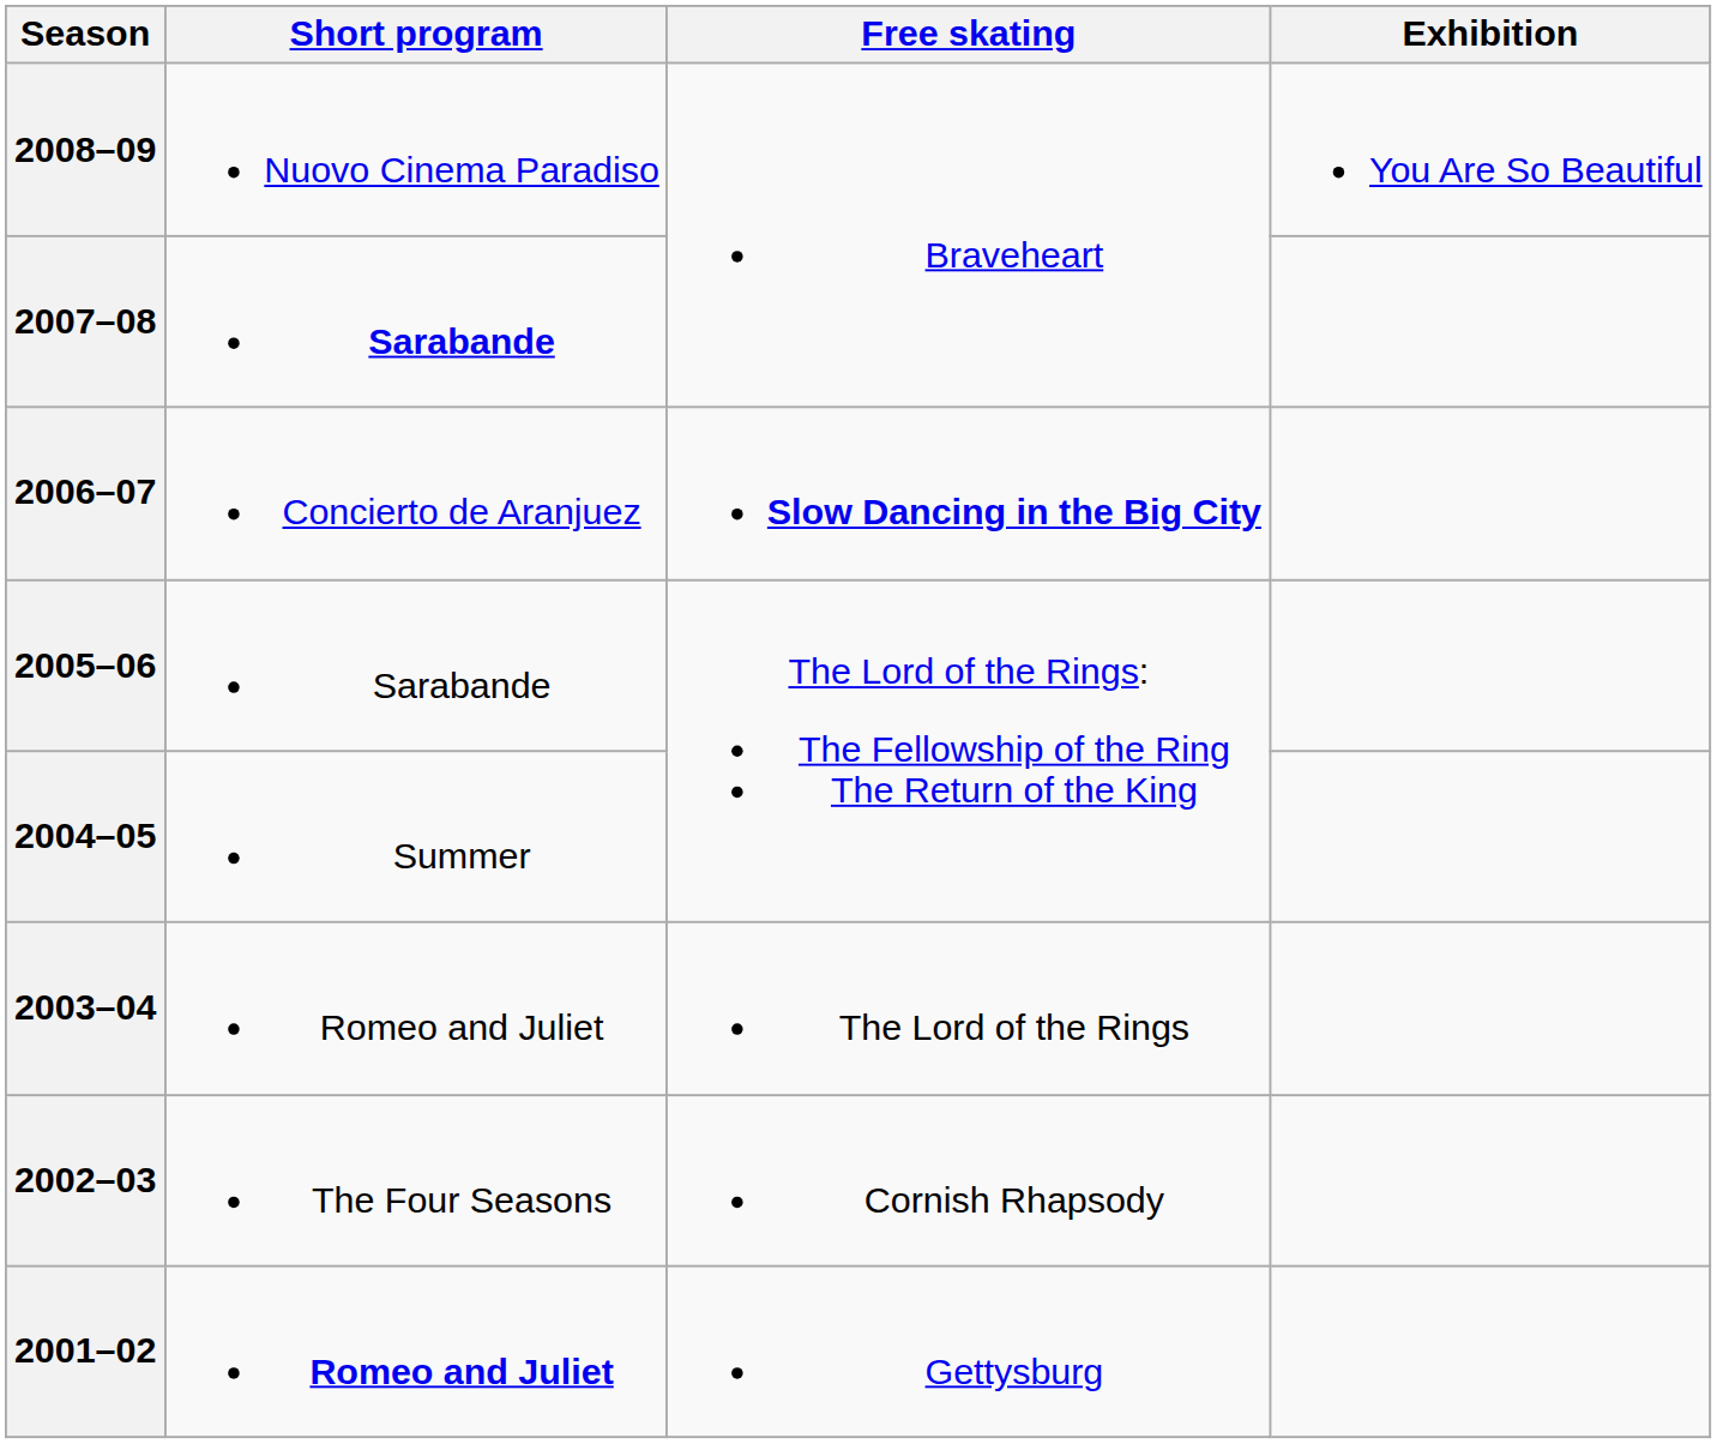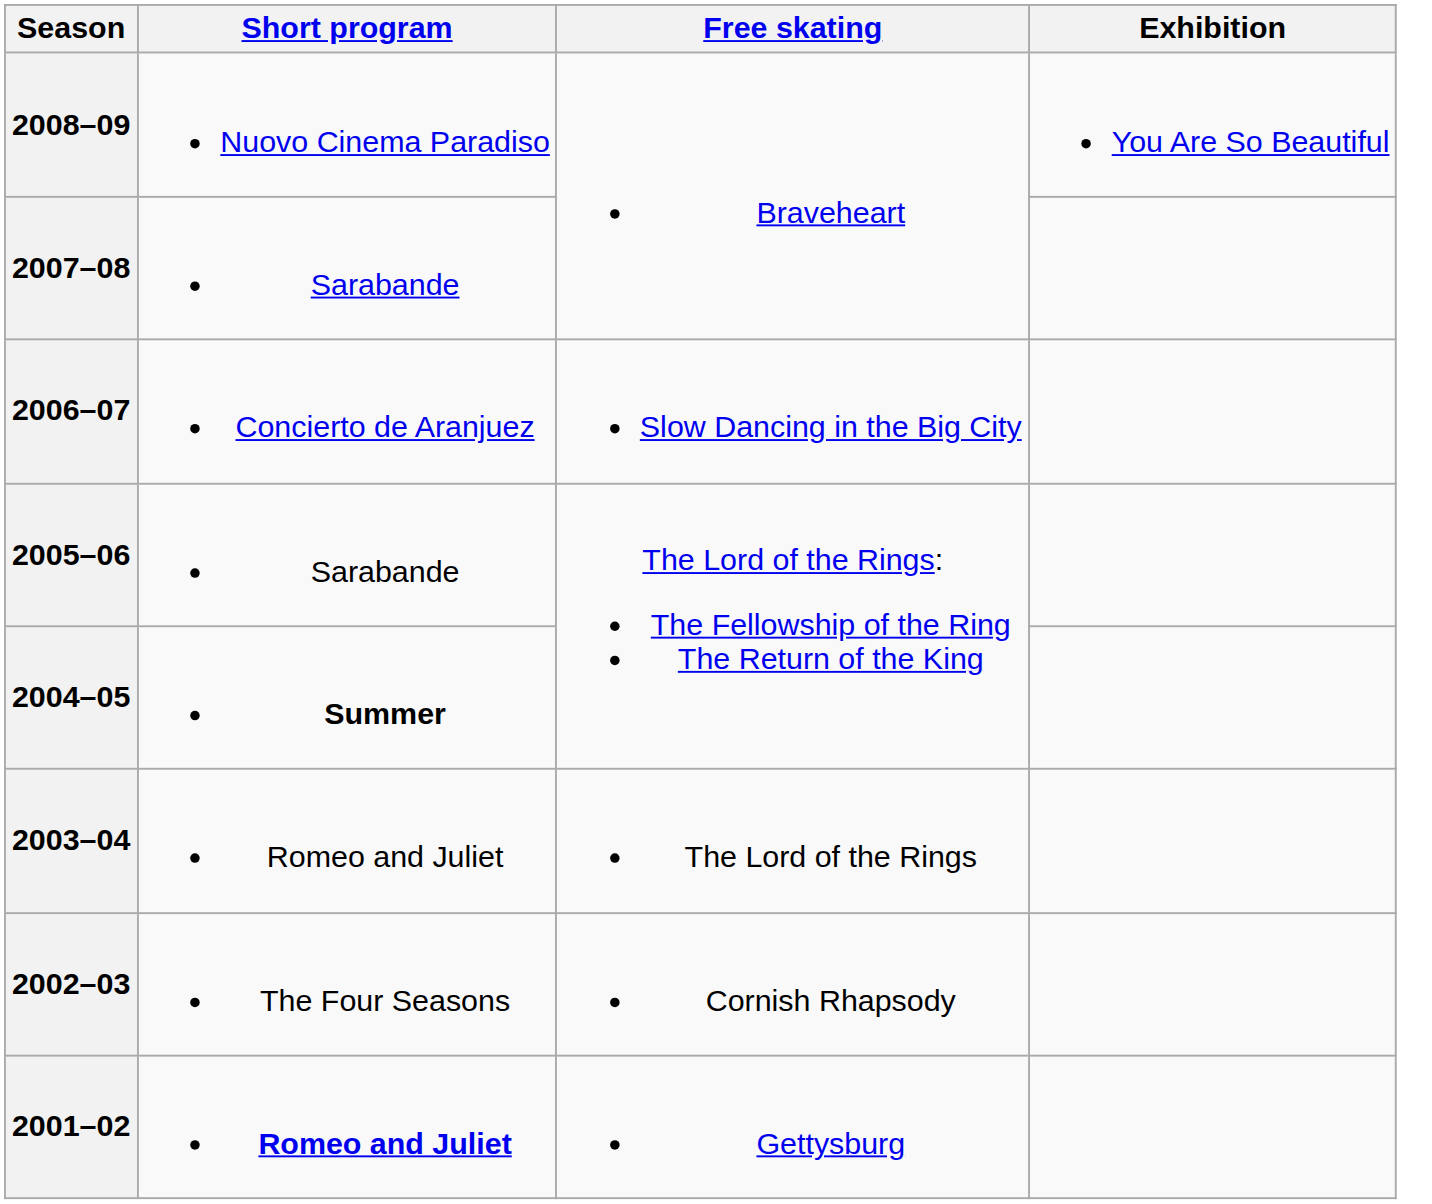 <table class=wikitable style=text-align:center>
 <tr>
 <th>Season</th>
 <th><a href='#'>Short program</a></th>
 <th><a href='#'>Free skating</a></th>
 <th>Exhibition</th>
 </tr>
 <tr>
 <th>2008–09 <br> </th>
 <td><br><ul><li><a href='#'>Nuovo Cinema Paradiso</a> <br></li></ul></td>
 <td rowspan=2><br><ul><li><a href='#'>Braveheart</a> <br></li></ul></td>
 <td><br><ul><li><a href='#'>You Are So Beautiful</a></li></ul></td>
 </tr>
 <tr>
 <th>2007–08 <br> </th>
-<td><strong><br><ul><li><a href='#'>Sarabande</a> <br></li></ul></strong></td>
+<td><br><ul><li><a href='#'>Sarabande</a> <br></li></ul></td>
 <td></td>
 </tr>
 <tr>
 <th>2006–07 <br> </th>
 <td><br><ul><li><a href='#'>Concierto de Aranjuez</a> <br></li></ul></td>
-<td><strong><br><ul><li><a href='#'>Slow Dancing in the Big City</a> <br></li></ul></strong></td>
+<td><br><ul><li><a href='#'>Slow Dancing in the Big City</a> <br></li></ul></td>
 <td></td>
 </tr>
 <tr>
 <th>2005–06 <br> </th>
 <td><br><ul><li>Sarabande <br></li></ul></td>
 <td rowspan=2><a href='#'>The Lord of the Rings</a>:<br><ul><li><a href='#'>The Fellowship of the Ring</a> <br></li><li><a href='#'>The Return of the King</a> <br></li></ul></td>
 <td></td>
 </tr>
 <tr>
 <th>2004–05 <br> </th>
-<td><br><ul><li>Summer <br></li></ul></td>
+<td><strong><br><ul><li>Summer <br></li></ul></strong></td>
 <td></td>
 </tr>
 <tr>
 <th>2003–04 <br> </th>
 <td><br><ul><li>Romeo and Juliet</li></ul></td>
 <td><br><ul><li>The Lord of the Rings <br></li></ul></td>
 <td></td>
 </tr>
 <tr>
 <th>2002–03 <br> </th>
 <td><br><ul><li>The Four Seasons <br></li></ul></td>
 <td><br><ul><li>Cornish Rhapsody <br></li></ul></td>
 <td></td>
 </tr>
 <tr>
 <th>2001–02 <br> </th>
 <td><strong><br><ul><li><a href='#'>Romeo and Juliet</a> <br></li></ul></strong></td>
 <td><br><ul><li><a href='#'>Gettysburg</a> <br></li></ul></td>
 <td></td>
 </tr>
 </table>
